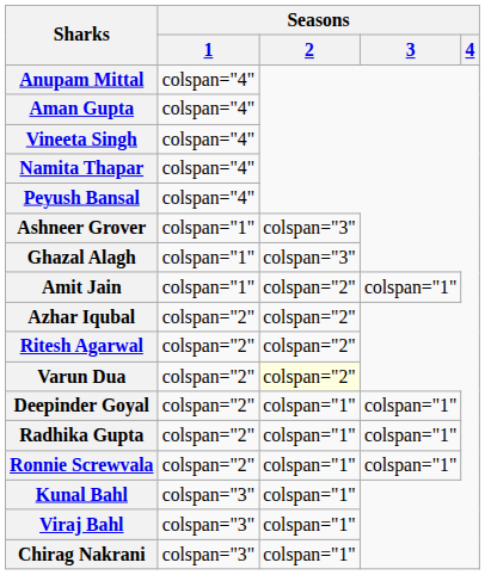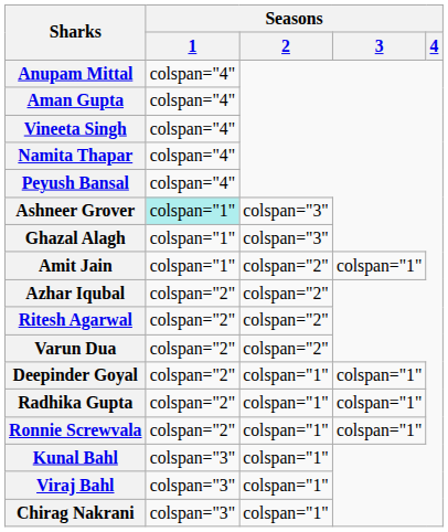 <table class="wikitable plainrowheaders" style="width:auto%;">
 <tr>
 <th rowspan="2" scope="col" style="width:auto%;">Sharks</th>
 <th colspan="4">Seasons</th>
 </tr>
 <tr>
 <th><a href='#'>1</a></th>
 <th><a href='#'>2</a></th>
 <th><a href='#'>3</a></th>
 <th><a href='#'>4</a></th>
 </tr>
 <tr>
 <th><a href='#'>Anupam Mittal</a></th>
 <td>colspan="4" </td>
 </tr>
 <tr>
 <th><a href='#'>Aman Gupta</a></th>
 <td>colspan="4" </td>
 </tr>
 <tr>
 <th><a href='#'>Vineeta Singh</a></th>
 <td>colspan="4" </td>
 </tr>
 <tr>
 <th><a href='#'>Namita Thapar</a></th>
 <td>colspan="4" </td>
 </tr>
 <tr>
 <th><a href='#'>Peyush Bansal</a></th>
 <td>colspan="4" </td>
 </tr>
 <tr>
 <th>Ashneer Grover</th>
-<td>colspan="1" </td>
+<td style="background: paleturquoise;">colspan="1" </td>
 <td>colspan="3" </td>
 </tr>
 <tr>
 <th>Ghazal Alagh</th>
 <td>colspan="1" </td>
 <td>colspan="3" </td>
 </tr>
 <tr>
 <th>Amit Jain</th>
 <td>colspan="1" </td>
 <td>colspan="2" </td>
 <td>colspan="1" </td>
 </tr>
 <tr>
 <th>Azhar Iqubal</th>
 <td>colspan="2" </td>
 <td>colspan="2" </td>
 </tr>
 <tr>
 <th><a href='#'>Ritesh Agarwal</a></th>
 <td>colspan="2" </td>
 <td>colspan="2" </td>
 </tr>
 <tr>
 <th>Varun Dua</th>
 <td>colspan="2" </td>
-<td style="background: lightyellow;">colspan="2" </td>
+<td>colspan="2" </td>
 </tr>
 <tr>
 <th>Deepinder Goyal</th>
 <td>colspan="2" </td>
 <td>colspan="1" </td>
 <td>colspan="1" </td>
 </tr>
 <tr>
 <th>Radhika Gupta</th>
 <td>colspan="2" </td>
 <td>colspan="1" </td>
 <td>colspan="1" </td>
 </tr>
 <tr>
 <th><a href='#'>Ronnie Screwvala</a></th>
 <td>colspan="2" </td>
 <td>colspan="1" </td>
 <td>colspan="1" </td>
 </tr>
 <tr>
 <th><a href='#'>Kunal Bahl</a></th>
 <td>colspan="3" </td>
 <td>colspan="1" </td>
 </tr>
 <tr>
 <th><a href='#'>Viraj Bahl</a></th>
 <td>colspan="3" </td>
 <td>colspan="1" </td>
 </tr>
 <tr>
 <th>Chirag Nakrani</th>
 <td>colspan="3" </td>
 <td>colspan="1" </td>
 </tr>
 </table>
